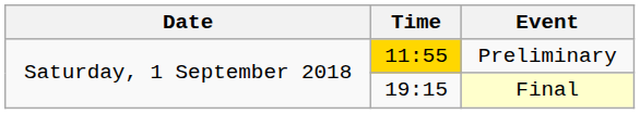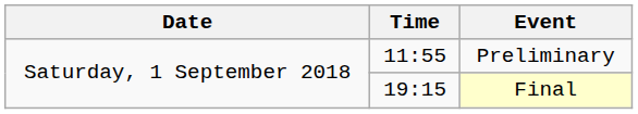 <table class = "wikitable" style="text-align:center;">
 <tr>
 <th width=220>Date</th>
 <th width=50>Time</th>
 <th width=100>Event</th>
 </tr>
 <tr>
 <td rowspan=2>Saturday, 1 September 2018</td>
-<td style="background: gold;">11:55</td>
+<td>11:55</td>
 <td>Preliminary</td>
 </tr>
 <tr>
 <td>19:15</td>
 <td bgcolor=ffffcc>Final</td>
 </tr>
 </table>
